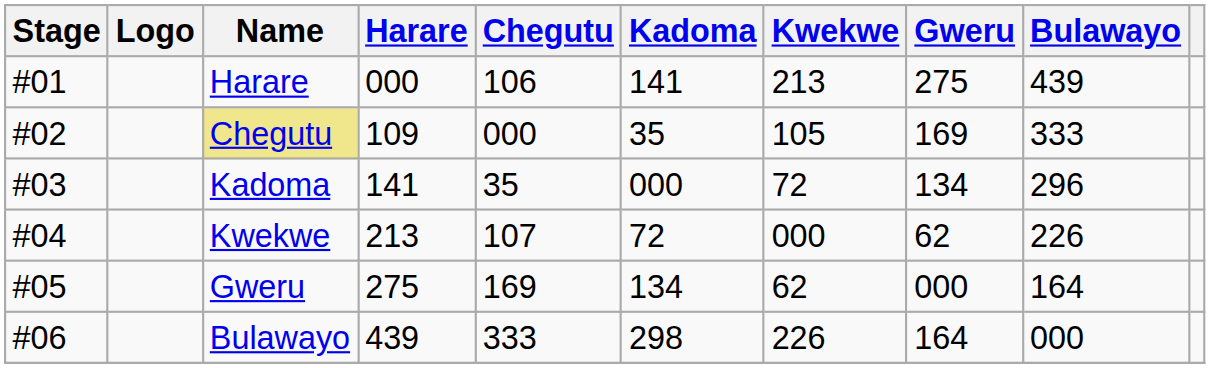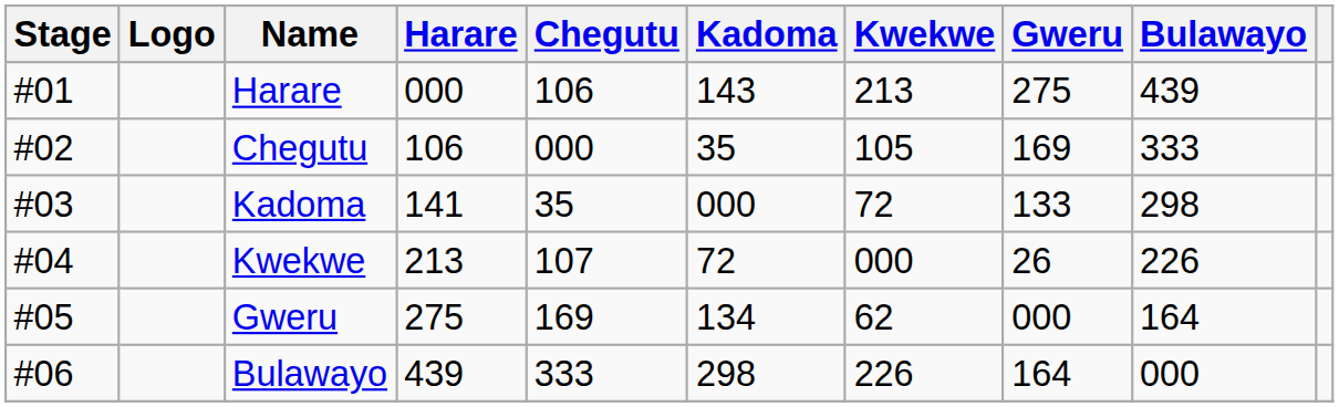 <table class="wikitable sortable" style="font-size: 95%;">
 <tr>
 <th>Stage</th>
 <th>Logo</th>
 <th>Name</th>
 <th><a href='#'>Harare</a></th>
 <th><a href='#'>Chegutu</a></th>
 <th><a href='#'>Kadoma</a></th>
 <th><a href='#'>Kwekwe</a></th>
 <th><a href='#'>Gweru</a></th>
 <th><a href='#'>Bulawayo</a></th>
 <th></th>
 </tr>
 <tr>
 <td>#01</td>
 <td></td>
 <td><a href='#'>Harare</a></td>
 <td>000</td>
 <td>106</td>
-<td>141</td>
+<td>143</td>
 <td>213</td>
 <td>275</td>
 <td>439</td>
 <td></td>
 </tr>
 <tr>
 <td>#02</td>
 <td></td>
-<td style="background: khaki;"><a href='#'>Chegutu</a></td>
-<td>109</td>
+<td><a href='#'>Chegutu</a></td>
+<td>106</td>
 <td>000</td>
 <td>35</td>
 <td>105</td>
 <td>169</td>
 <td>333</td>
 <td></td>
 </tr>
 <tr>
 <td>#03</td>
 <td></td>
 <td><a href='#'>Kadoma</a></td>
 <td>141</td>
 <td>35</td>
 <td>000</td>
 <td>72</td>
-<td>134</td>
-<td>296</td>
+<td>133</td>
+<td>298</td>
 <td></td>
 </tr>
 <tr>
 <td>#04</td>
 <td></td>
 <td><a href='#'>Kwekwe</a></td>
 <td>213</td>
 <td>107</td>
 <td>72</td>
 <td>000</td>
-<td>62</td>
+<td>26</td>
 <td>226</td>
 <td></td>
 </tr>
 <tr>
 <td>#05</td>
 <td></td>
 <td><a href='#'>Gweru</a></td>
 <td>275</td>
 <td>169</td>
 <td>134</td>
 <td>62</td>
 <td>000</td>
 <td>164</td>
 <td></td>
 </tr>
 <tr>
 <td>#06</td>
 <td></td>
 <td><a href='#'>Bulawayo</a></td>
 <td>439</td>
 <td>333</td>
 <td>298</td>
 <td>226</td>
 <td>164</td>
 <td>000</td>
 <td></td>
 </tr>
 <tr>
 </tr>
 </table>
